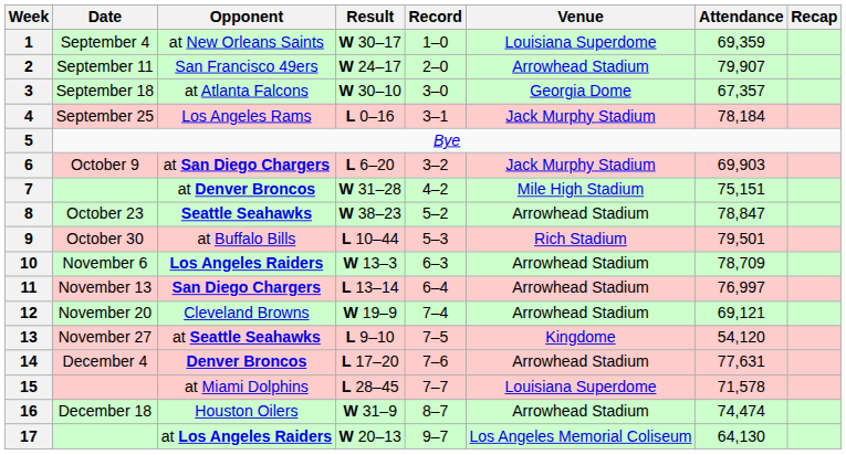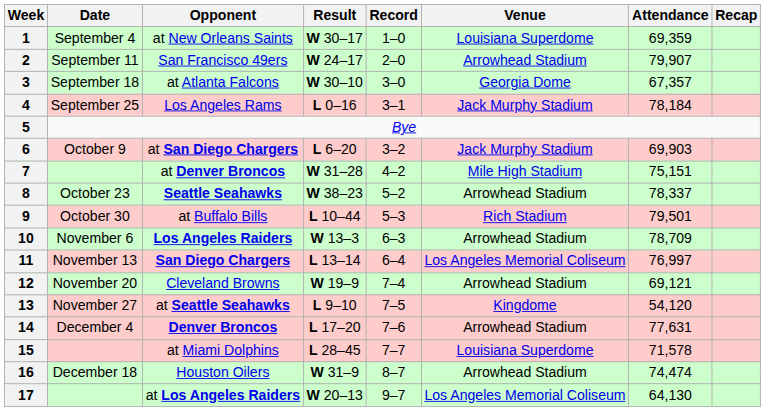 <table class="wikitable" style="text-align:center">
 <tr>
 <th>Week</th>
 <th>Date</th>
 <th>Opponent</th>
 <th>Result</th>
 <th>Record</th>
 <th>Venue</th>
 <th>Attendance</th>
 <th>Recap</th>
 </tr>
 <tr style="background:#cfc">
 <th>1</th>
 <td>September 4</td>
 <td>at <a href='#'>New Orleans Saints</a></td>
 <td><strong>W</strong> 30–17</td>
 <td>1–0</td>
 <td><a href='#'>Louisiana Superdome</a></td>
 <td>69,359</td>
 <td></td>
 </tr>
 <tr style="background:#cfc">
 <th>2</th>
 <td>September 11</td>
 <td><a href='#'>San Francisco 49ers</a></td>
 <td><strong>W</strong> 24–17</td>
 <td>2–0</td>
 <td><a href='#'>Arrowhead Stadium</a></td>
 <td>79,907</td>
 <td></td>
 </tr>
 <tr style="background:#cfc">
 <th>3</th>
 <td>September 18</td>
 <td>at <a href='#'>Atlanta Falcons</a></td>
 <td><strong>W</strong> 30–10</td>
 <td>3–0</td>
 <td><a href='#'>Georgia Dome</a></td>
 <td>67,357</td>
 <td></td>
 </tr>
 <tr style="background:#fcc">
 <th>4</th>
 <td>September 25</td>
 <td><a href='#'>Los Angeles Rams</a></td>
 <td><strong>L</strong> 0–16</td>
 <td>3–1</td>
 <td><a href='#'>Jack Murphy Stadium</a></td>
 <td>78,184</td>
 <td></td>
 </tr>
 <tr>
 <th>5</th>
 <td colspan="7"><em><a href='#'>Bye</a></em></td>
 </tr>
 <tr style="background:#fcc">
 <th>6</th>
 <td>October 9</td>
 <td>at <strong><a href='#'>San Diego Chargers</a></strong></td>
 <td><strong>L</strong> 6–20</td>
 <td>3–2</td>
 <td><a href='#'>Jack Murphy Stadium</a></td>
 <td>69,903</td>
 <td></td>
 </tr>
 <tr style="background:#cfc">
 <th>7</th>
 <td></td>
 <td>at <strong><a href='#'>Denver Broncos</a></strong></td>
 <td><strong>W</strong> 31–28</td>
 <td>4–2</td>
 <td><a href='#'>Mile High Stadium</a></td>
 <td>75,151</td>
 <td></td>
 </tr>
 <tr style="background:#cfc">
 <th>8</th>
 <td>October 23</td>
 <td><strong><a href='#'>Seattle Seahawks</a></strong></td>
 <td><strong>W</strong> 38–23</td>
 <td>5–2</td>
 <td>Arrowhead Stadium</td>
-<td>78,847</td>
+<td>78,337</td>
 <td></td>
 </tr>
 <tr style="background:#fcc">
 <th>9</th>
 <td>October 30</td>
 <td>at <a href='#'>Buffalo Bills</a></td>
 <td><strong>L</strong> 10–44</td>
 <td>5–3</td>
 <td><a href='#'>Rich Stadium</a></td>
 <td>79,501</td>
 <td></td>
 </tr>
 <tr style="background:#cfc">
 <th>10</th>
 <td>November 6</td>
 <td><strong><a href='#'>Los Angeles Raiders</a></strong></td>
 <td><strong>W</strong> 13–3</td>
 <td>6–3</td>
 <td>Arrowhead Stadium</td>
 <td>78,709</td>
 <td></td>
 </tr>
 <tr style="background:#fcc">
 <th>11</th>
 <td>November 13</td>
 <td><strong><a href='#'>San Diego Chargers</a></strong></td>
 <td><strong>L</strong> 13–14</td>
 <td>6–4</td>
-<td>Arrowhead Stadium</td>
+<td><a href='#'>Los Angeles Memorial Coliseum</a></td>
 <td>76,997</td>
 <td></td>
 </tr>
 <tr style="background:#cfc">
 <th>12</th>
 <td>November 20</td>
 <td><a href='#'>Cleveland Browns</a></td>
 <td><strong>W</strong> 19–9</td>
 <td>7–4</td>
 <td>Arrowhead Stadium</td>
 <td>69,121</td>
 <td></td>
 </tr>
 <tr style="background:#fcc">
 <th>13</th>
 <td>November 27</td>
 <td>at <strong><a href='#'>Seattle Seahawks</a></strong></td>
 <td><strong>L</strong> 9–10</td>
 <td>7–5</td>
 <td><a href='#'>Kingdome</a></td>
 <td>54,120</td>
 <td></td>
 </tr>
 <tr style="background:#fcc">
 <th>14</th>
 <td>December 4</td>
 <td><strong><a href='#'>Denver Broncos</a></strong></td>
 <td><strong>L</strong> 17–20 </td>
 <td>7–6</td>
 <td>Arrowhead Stadium</td>
 <td>77,631</td>
 <td></td>
 </tr>
 <tr style="background:#fcc">
 <th>15</th>
 <td></td>
 <td>at <a href='#'>Miami Dolphins</a></td>
 <td><strong>L</strong> 28–45</td>
 <td>7–7</td>
 <td><a href='#'>Louisiana Superdome</a></td>
 <td>71,578</td>
 <td></td>
 </tr>
 <tr style="background:#cfc">
 <th>16</th>
 <td>December 18</td>
 <td><a href='#'>Houston Oilers</a></td>
 <td><strong>W</strong> 31–9</td>
 <td>8–7</td>
 <td>Arrowhead Stadium</td>
 <td>74,474</td>
 <td></td>
 </tr>
 <tr style="background:#cfc">
 <th>17</th>
 <td></td>
 <td>at <strong><a href='#'>Los Angeles Raiders</a></strong></td>
 <td><strong>W</strong> 20–13</td>
 <td>9–7</td>
 <td><a href='#'>Los Angeles Memorial Coliseum</a></td>
 <td>64,130</td>
 <td></td>
 </tr>
 </table>
